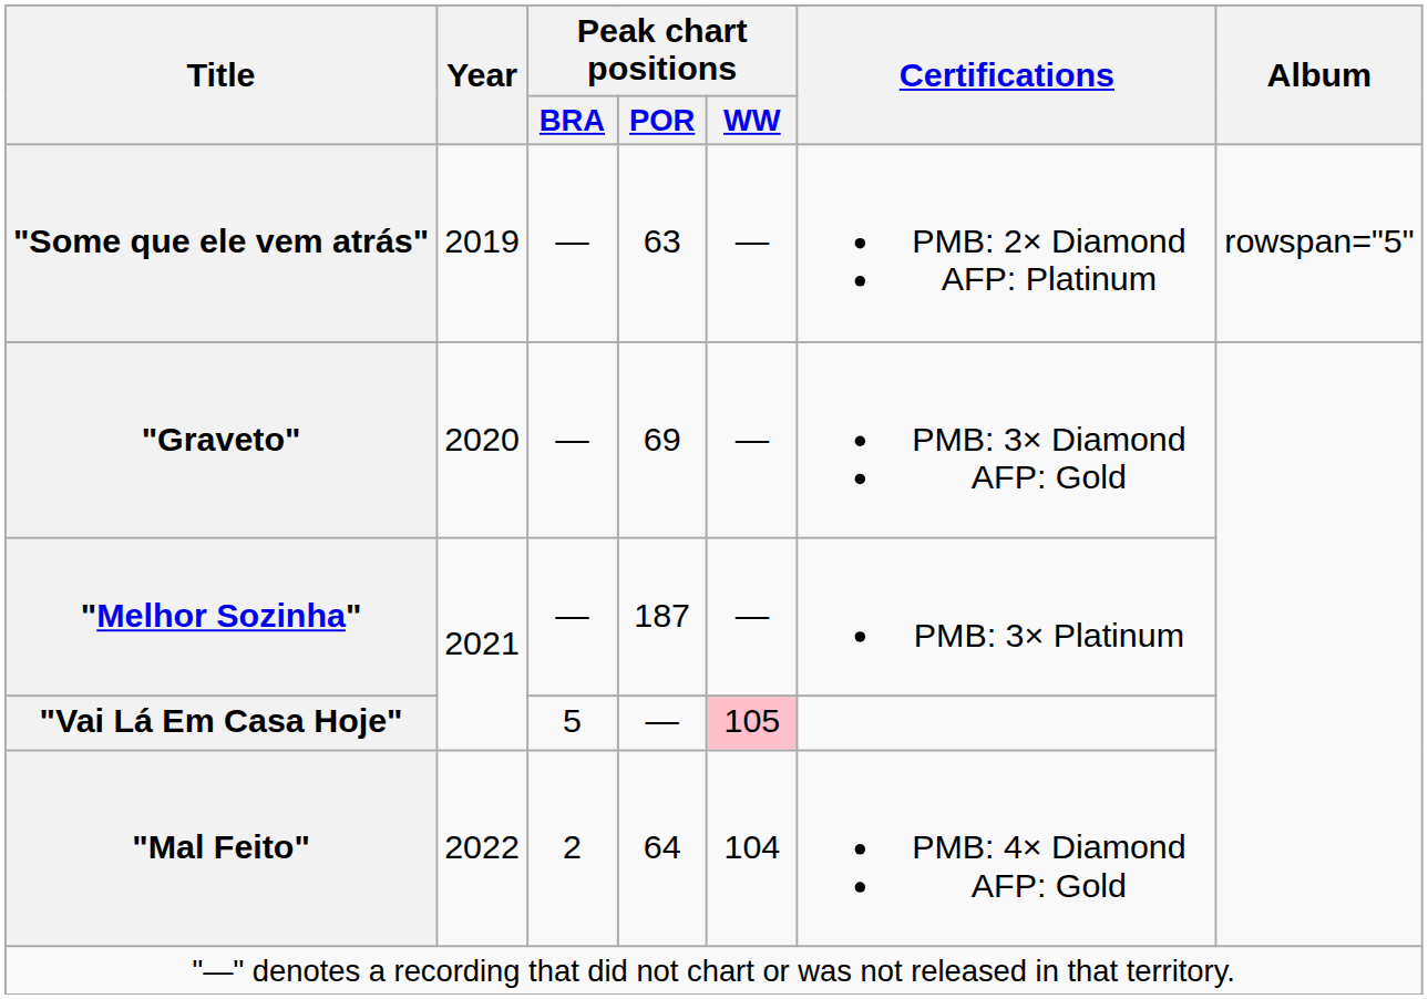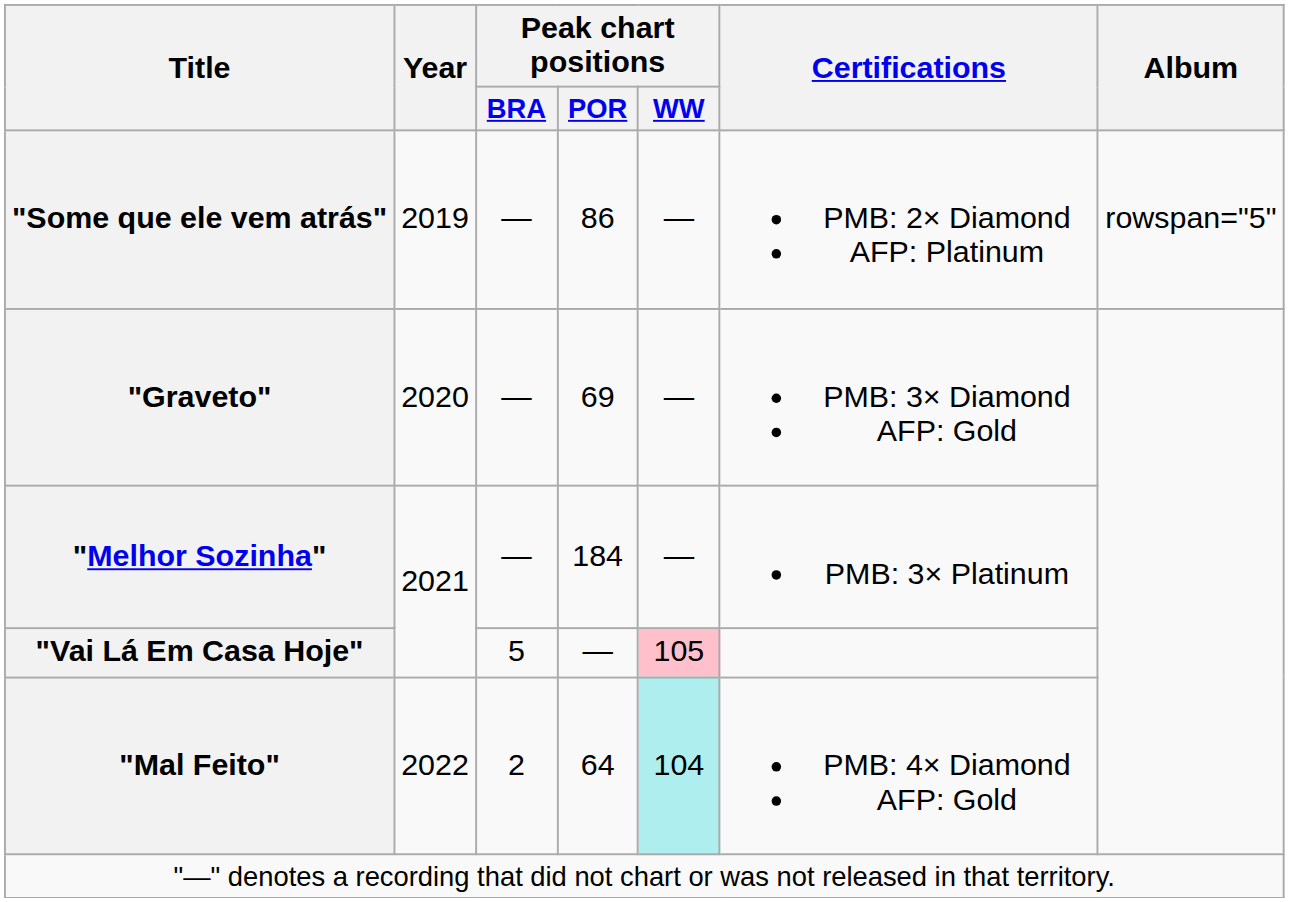 <table class="wikitable plainrowheaders" style="text-align:center;">
 <tr>
 <th scope="col" rowspan="2">Title</th>
 <th scope="col" rowspan="2">Year</th>
 <th scope="col" colspan="3">Peak chart positions</th>
 <th scope="col" rowspan="2" style="width:12em;"><a href='#'>Certifications</a></th>
 <th scope="col" rowspan="2">Album</th>
 </tr>
 <tr>
 <th scope="col" style="width:2.5em;font-size:90%;"><a href='#'>BRA</a><br></th>
 <th scope="col" style="width:2.5em;font-size:90%;"><a href='#'>POR</a><br></th>
 <th scope="col" style="width:2.5em;font-size:90%;"><a href='#'>WW</a><br></th>
 </tr>
 <tr>
 <th scope="row">"Some que ele vem atrás"<br></th>
 <td>2019</td>
 <td>—</td>
-<td>63</td>
+<td>86</td>
 <td>—</td>
 <td><br><ul><li>PMB: 2× Diamond</li><li>AFP: Platinum</li></ul></td>
 <td>rowspan="5" </td>
 </tr>
 <tr>
 <th scope="row">"Graveto"</th>
 <td>2020</td>
 <td>—</td>
 <td>69</td>
 <td>—</td>
 <td><br><ul><li>PMB: 3× Diamond</li><li>AFP: Gold</li></ul></td>
 </tr>
 <tr>
 <th scope="row">"<a href='#'>Melhor Sozinha</a>"<br></th>
 <td rowspan="2">2021</td>
 <td>—</td>
-<td>187</td>
+<td>184</td>
 <td>—</td>
 <td><br><ul><li>PMB: 3× Platinum</li></ul></td>
 </tr>
 <tr>
 <th scope="row">"Vai Lá Em Casa Hoje"<br></th>
 <td>5</td>
 <td>—</td>
 <td style="background: pink;">105</td>
 <td></td>
 </tr>
 <tr>
 <th scope="row">"Mal Feito"<br></th>
 <td>2022</td>
 <td>2</td>
 <td>64</td>
-<td>104</td>
+<td style="background: paleturquoise;">104</td>
 <td><br><ul><li>PMB: 4× Diamond</li><li>AFP: Gold</li></ul></td>
 </tr>
 <tr>
 <td colspan="15" style="font-size:90%">"—" denotes a recording that did not chart or was not released in that territory.</td>
 </tr>
 </table>
